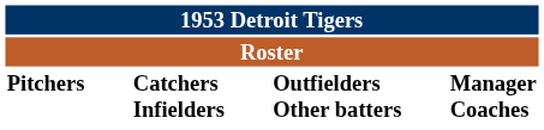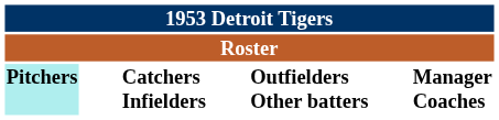 <table class="toccolours" style="font-size: 95%;">
 <tr>
 <th colspan="10" style="background-color: #003366; color: white; text-align: center;">1953 Detroit Tigers</th>
 </tr>
 <tr>
 <td colspan="10" style="background-color: #bd5d29; color: white; text-align: center;"><strong>Roster</strong></td>
 </tr>
 <tr>
-<td valign="top"><strong>Pitchers</strong><br>                   </td>
+<td valign="top" style="background: paleturquoise;"><strong>Pitchers</strong><br>                   </td>
 <td width="25px"></td>
 <td valign="top"><strong>Catchers</strong><br>    <strong>Infielders</strong>          </td>
 <td width="25px"></td>
 <td valign="top"><strong>Outfielders</strong><br>        <strong>Other batters</strong> </td>
 <td width="25px"></td>
 <td valign="top"><strong>Manager</strong><br> <strong>Coaches</strong>   </td>
 </tr>
 </table>
